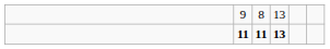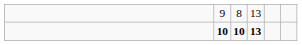 <table class="wikitable">
 <tr>
 <td style="width:18em"></td>
 <td align=center style="width:1em">9</td>
 <td align=center style="width:1em">8</td>
 <td align=center style="width:1em">13</td>
 <td align=center style="width:1em"></td>
 <td align=center style="width:1em"></td>
 </tr>
 <tr>
 <td style="width:18em"></td>
-<td align=center style="width:1em"><strong>11</strong></td>
-<td align=center style="width:1em"><strong>11</strong></td>
+<td align=center style="width:1em"><strong>10</strong></td>
+<td align=center style="width:1em"><strong>10</strong></td>
 <td align=center style="width:1em"><strong>13</strong></td>
 <td align=center style="width:1em"></td>
 <td align=center style="width:1em"></td>
 </tr>
 </table>
